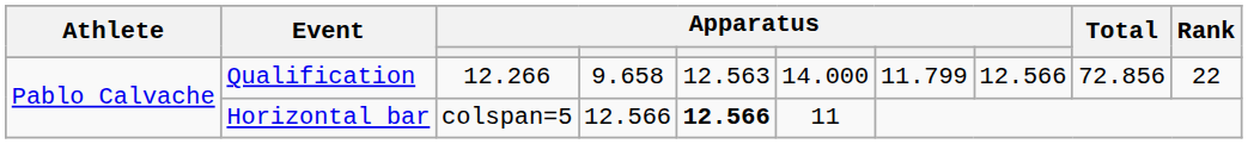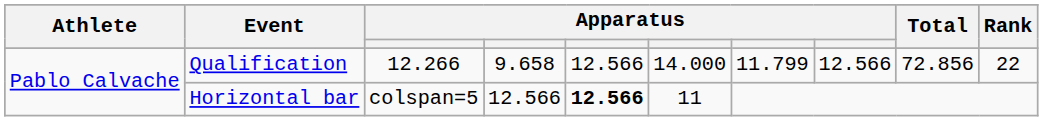 <table class="wikitable" style="text-align:center;font-size:90%">
 <tr>
 <th rowspan=2>Athlete</th>
 <th rowspan=2>Event</th>
 <th colspan=6>Apparatus</th>
 <th rowspan=2>Total</th>
 <th rowspan=2>Rank</th>
 </tr>
 <tr style="font-size:95%">
 <th></th>
 <th></th>
 <th></th>
 <th></th>
 <th></th>
 <th></th>
 </tr>
 <tr>
 <td rowspan=2 align=left><a href='#'>Pablo Calvache</a></td>
 <td align=left><a href='#'>Qualification</a></td>
 <td>12.266</td>
 <td>9.658</td>
-<td>12.563</td>
+<td>12.566</td>
 <td>14.000</td>
 <td>11.799</td>
 <td>12.566</td>
 <td>72.856</td>
 <td>22</td>
 </tr>
 <tr>
 <td align=left><a href='#'>Horizontal bar</a></td>
 <td>colspan=5 </td>
 <td>12.566</td>
 <td><strong>12.566</strong></td>
 <td>11</td>
 </tr>
 </table>
